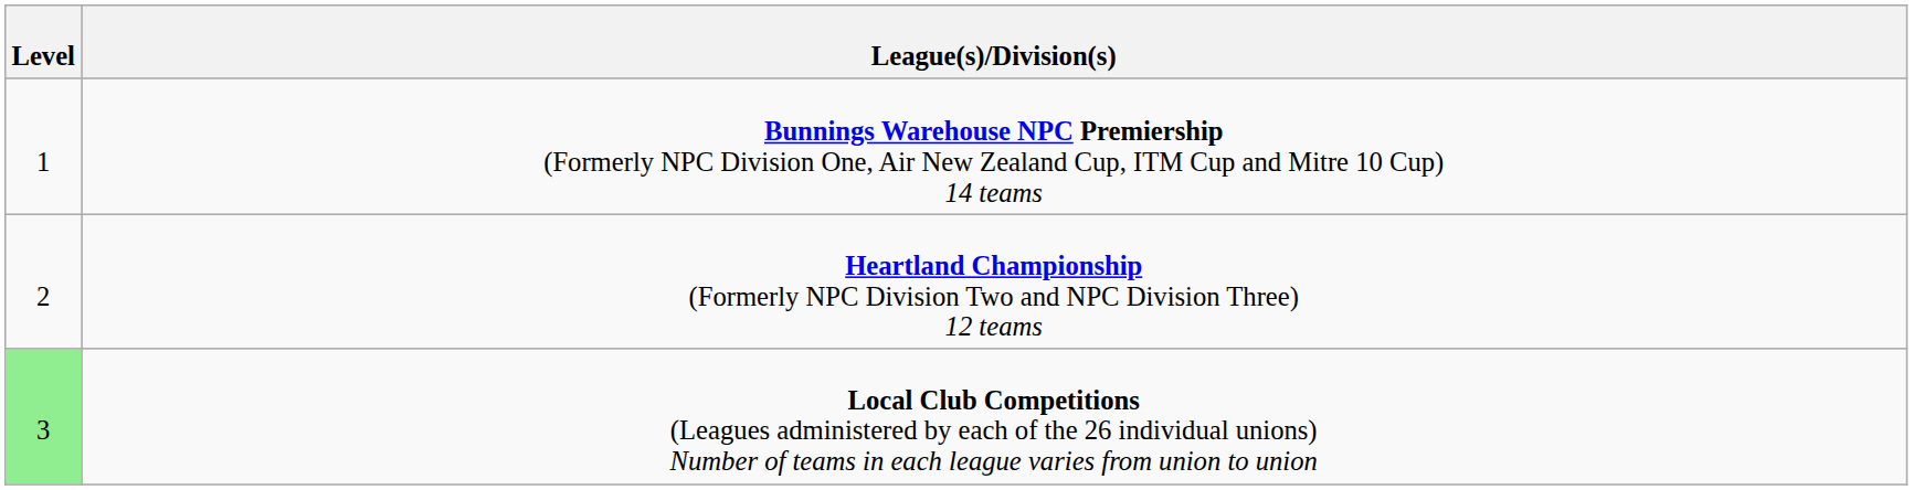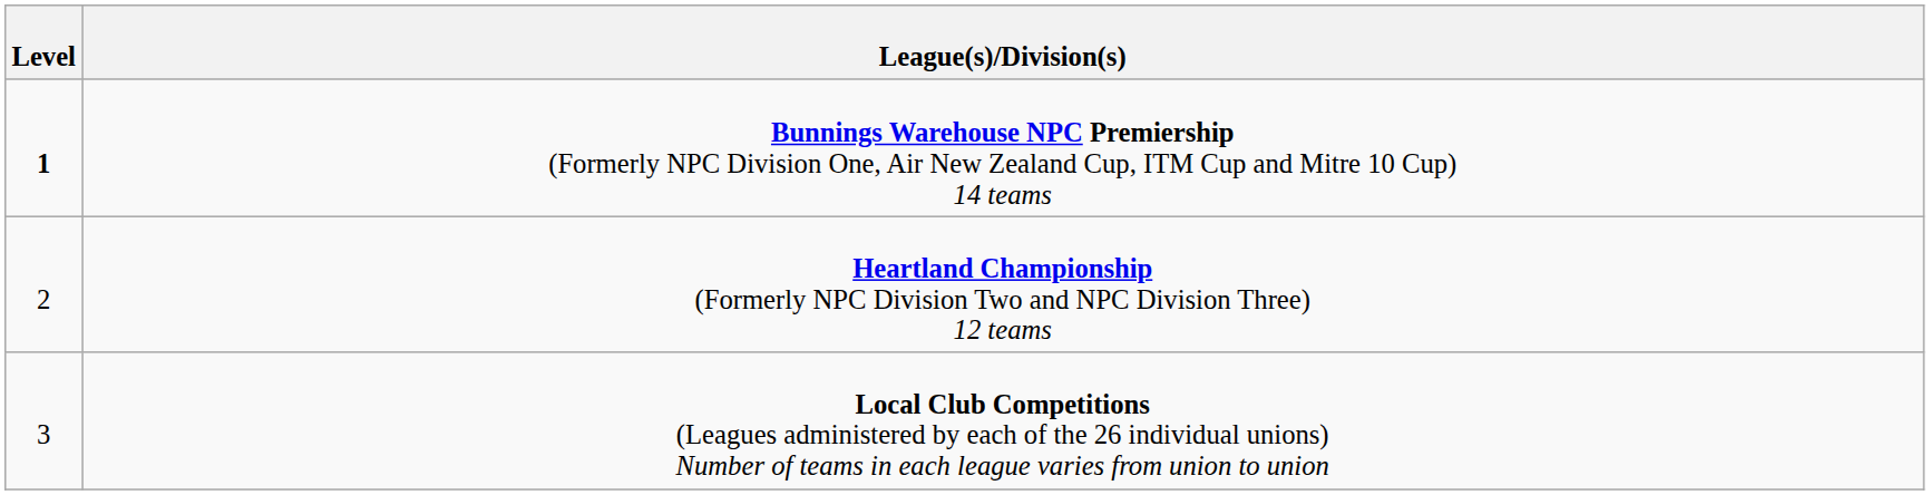 <table class="wikitable" style="text-align: center;">
 <tr>
 <th colspan="1" width="4%"><br>Level</th>
 <th width="96%"><br>League(s)/Division(s)</th>
 </tr>
 <tr>
-<td colspan="1" width="4%"><br>1</td>
+<td colspan="1" width="4%"><strong><br>1</strong></td>
 <td width="96%"><br><strong><a href='#'>Bunnings Warehouse NPC</a> Premiership</strong><br> (Formerly NPC Division One, Air New Zealand Cup, ITM Cup and Mitre 10 Cup)<br> <em>14 teams</em></td>
 </tr>
 <tr>
 <td colspan="1" width="4%"><br>2</td>
 <td width="96%"><br><strong><a href='#'>Heartland Championship</a></strong><br> (Formerly NPC Division Two and NPC Division Three)<br> <em>12 teams</em></td>
 </tr>
 <tr>
-<td colspan="1" width="4%" style="background: lightgreen;"><br>3</td>
+<td colspan="1" width="4%"><br>3</td>
 <td width="96%"><br><strong>Local Club Competitions</strong><br> (Leagues administered by each of the 26 individual unions)<br> <em>Number of teams in each league varies from union to union</em></td>
 </tr>
 </table>
